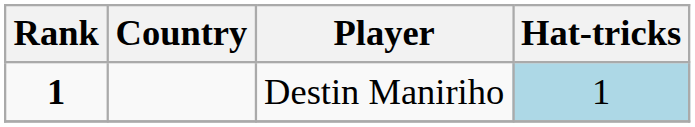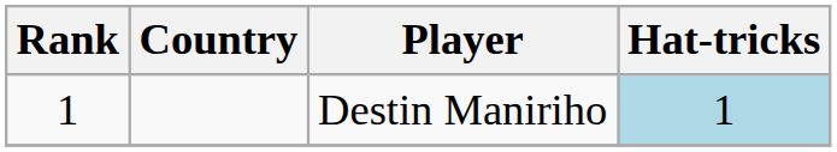 <table class="wikitable" style="text-align:center;">
 <tr>
 <th>Rank</th>
 <th>Country</th>
 <th>Player</th>
 <th>Hat-tricks</th>
 </tr>
 <tr>
-<td><strong>1</strong></td>
+<td>1</td>
 <td></td>
 <td>Destin Maniriho</td>
 <td style="background: lightblue;">1</td>
 </tr>
 <tr>
 </tr>
 </table>
